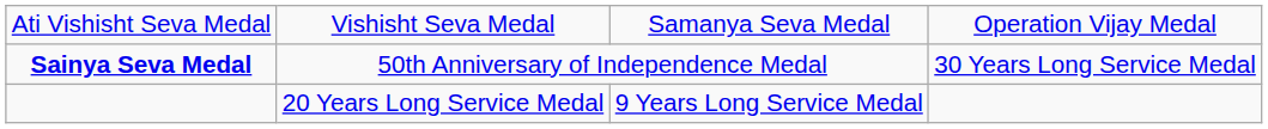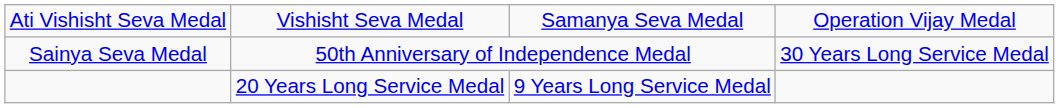 <table class="wikitable" style="margin:1em auto; text-align:center;">
 <tr>
 <td><a href='#'>Ati Vishisht Seva Medal</a></td>
 <td><a href='#'>Vishisht Seva Medal</a></td>
 <td><a href='#'>Samanya Seva Medal</a></td>
 <td><a href='#'>Operation Vijay Medal</a></td>
 </tr>
 <tr>
-<td><strong><a href='#'>Sainya Seva Medal</a></strong></td>
+<td><a href='#'>Sainya Seva Medal</a></td>
 <td colspan=2><a href='#'>50th Anniversary of Independence Medal</a></td>
 <td><a href='#'>30 Years Long Service Medal</a></td>
 </tr>
 <tr>
 <td></td>
 <td><a href='#'>20 Years Long Service Medal</a></td>
 <td><a href='#'>9 Years Long Service Medal</a></td>
 <td></td>
 </tr>
 </table>
